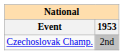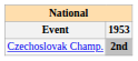 <table class="wikitable" style="text-align:center">
 <tr>
 <th style="background-color: #ffdead; " colspan=2 align=center>National</th>
 </tr>
 <tr>
 <th>Event</th>
 <th>1953</th>
 </tr>
 <tr>
 <td align=left><a href='#'>Czechoslovak Champ.</a></td>
-<td bgcolor=silver>2nd</td>
+<td bgcolor=silver><strong>2nd</strong></td>
 </tr>
 </table>
